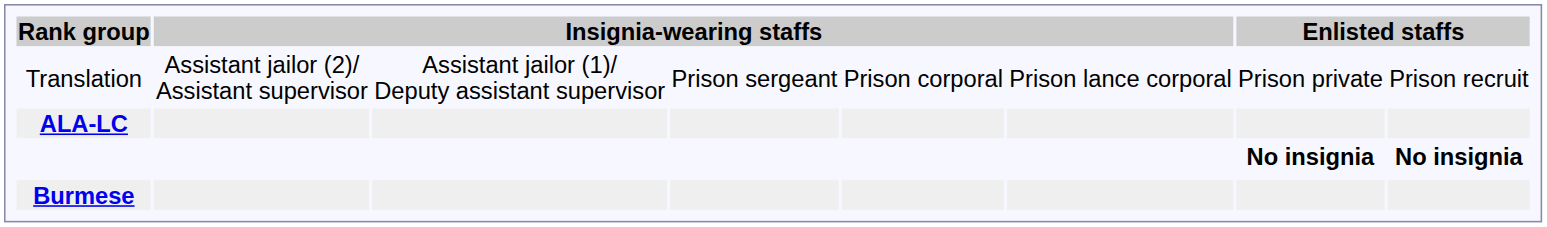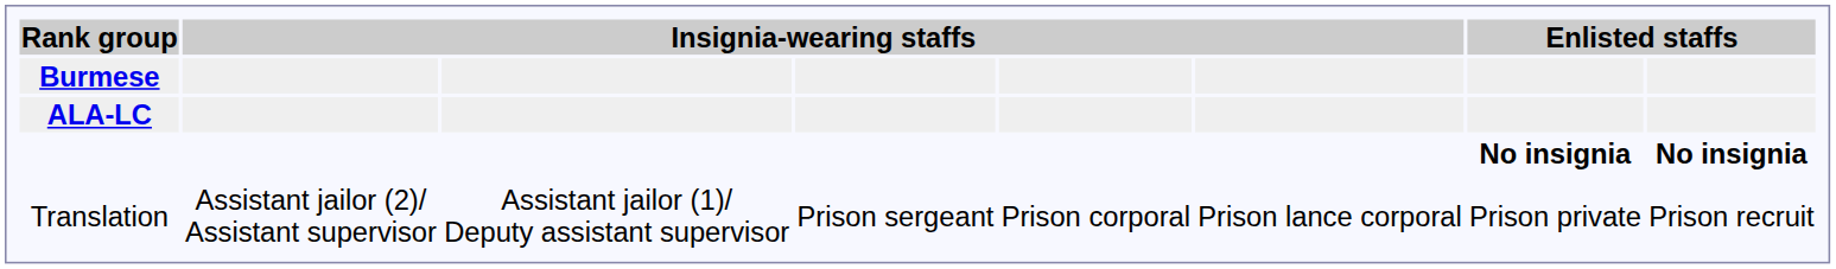 <table style="border:1px solid #8888aa; background-color:#f7f8ff; padding:5px; font-size:95%; margin: 0px 12px 12px 0px;">
 <tr style="text-align:center; background:#cccccc;">
 <th>Rank group</th>
 <th colspan=5>Insignia-wearing staffs</th>
 <th colspan=2>Enlisted staffs</th>
 </tr>
-<tr style="text-align:center;">
-<td>Translation</td>
-<td>Assistant jailor (2)/ <br>Assistant supervisor</td>
-<td>Assistant jailor (1)/ <br>Deputy assistant supervisor</td>
-<td>Prison sergeant</td>
-<td>Prison corporal</td>
-<td>Prison lance corporal</td>
-<td>Prison private</td>
-<td>Prison recruit</td>
+<tr style="text-align:center; background:#efefef;">
+<th><a href='#'>Burmese</a></th>
+<td></td>
+<td></td>
+<td></td>
+<td></td>
+<td></td>
+<td></td>
+<td></td>
 </tr>
 <tr style="text-align:center; background:#efefef;">
 <th><a href='#'>ALA-LC</a></th>
 <td></td>
 <td></td>
 <td></td>
 <td></td>
 <td></td>
 <td></td>
 <td></td>
 </tr>
 <tr style="text-align:center;">
 <td></td>
 <td></td>
 <td></td>
 <td></td>
 <td></td>
 <td></td>
 <td><strong>No insignia</strong></td>
 <td><strong>No insignia</strong></td>
 </tr>
 <tr style="text-align:center;">
 <td colspan=8></td>
 </tr>
-<tr style="text-align:center; background:#efefef;">
-<th><a href='#'>Burmese</a></th>
-<td></td>
-<td></td>
-<td></td>
-<td></td>
-<td></td>
-<td></td>
-<td></td>
+<tr style="text-align:center;">
+<td>Translation</td>
+<td>Assistant jailor (2)/ <br>Assistant supervisor</td>
+<td>Assistant jailor (1)/ <br>Deputy assistant supervisor</td>
+<td>Prison sergeant</td>
+<td>Prison corporal</td>
+<td>Prison lance corporal</td>
+<td>Prison private</td>
+<td>Prison recruit</td>
 </tr>
 </table>
